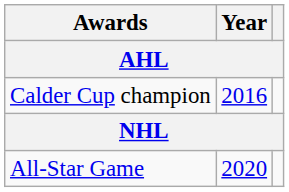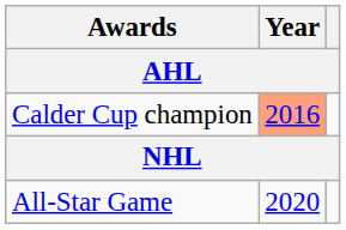 <table class="wikitable">
 <tr>
 <th>Awards</th>
 <th>Year</th>
 <th></th>
 </tr>
 <tr>
 <th colspan="3"><a href='#'>AHL</a></th>
 </tr>
 <tr>
 <td><a href='#'>Calder Cup</a> champion</td>
-<td><a href='#'>2016</a></td>
+<td style="background: lightsalmon;"><a href='#'>2016</a></td>
 <td></td>
 </tr>
 <tr>
 <th colspan="3"><a href='#'>NHL</a></th>
 </tr>
 <tr>
 <td><a href='#'>All-Star Game</a></td>
 <td><a href='#'>2020</a></td>
 <td></td>
 </tr>
 </table>
